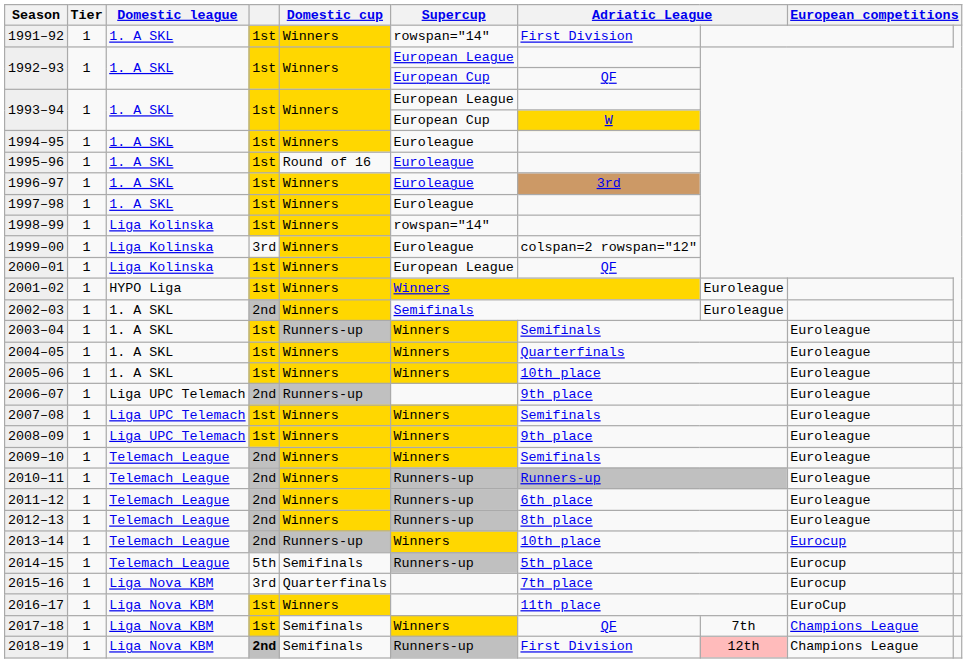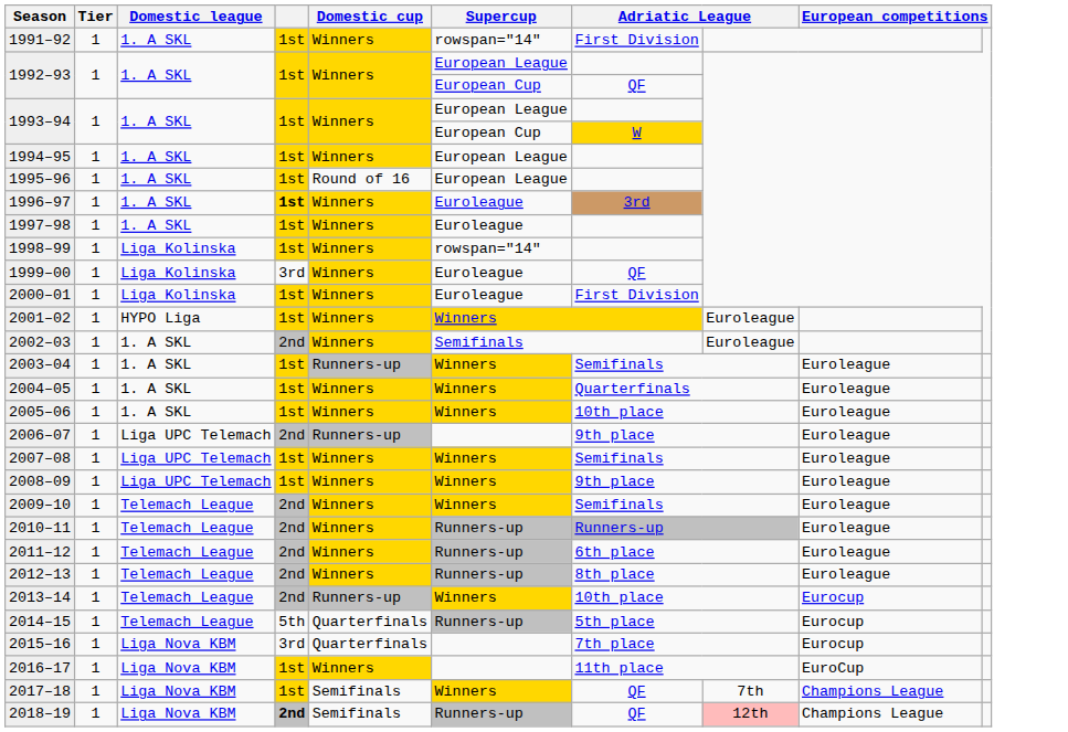 <table class="wikitable" style="font-size:85%">
 <tr>
 <th>Season</th>
 <th>Tier</th>
 <th><a href='#'>Domestic league</a></th>
 <th align=center></th>
 <th><a href='#'>Domestic cup</a></th>
 <th><a href='#'>Supercup</a></th>
 <th colspan=2><a href='#'>Adriatic League</a></th>
 <th colspan=2><a href='#'>European competitions</a></th>
 </tr>
 <tr>
 <td style="background:#EFEFEF;">1991–92</td>
 <td align=center>1</td>
 <td><a href='#'>1. A SKL</a></td>
 <td align=center style="background:gold">1st</td>
 <td style="background:gold">Winners</td>
 <td>rowspan="14" </td>
 <td><a href='#'>First Division</a></td>
 <td colspan="2"></td>
 </tr>
 <tr>
 <td rowspan=2 style="background:#EFEFEF;">1992–93</td>
 <td rowspan=2 align=center>1</td>
 <td rowspan=2><a href='#'>1. A SKL</a></td>
 <td rowspan=2 align=center style="background:gold">1st</td>
 <td rowspan=2 style="background:gold">Winners</td>
 <td> <a href='#'>European League</a></td>
 <td align=center></td>
 </tr>
 <tr>
 <td> <a href='#'>European Cup</a></td>
 <td align=center><a href='#'>QF</a></td>
 </tr>
 <tr>
 <td rowspan=2 style="background:#EFEFEF;">1993–94</td>
 <td rowspan=2 align=center>1</td>
 <td rowspan=2><a href='#'>1. A SKL</a></td>
 <td rowspan=2 align=center style="background:gold">1st</td>
 <td rowspan=2 style="background:gold">Winners</td>
 <td> European League</td>
 <td align=center></td>
 </tr>
 <tr>
 <td> European Cup</td>
 <td align=center bgcolor=gold><a href='#'>W</a></td>
 </tr>
 <tr>
 <td style="background:#EFEFEF;">1994–95</td>
 <td align=center>1</td>
 <td><a href='#'>1. A SKL</a></td>
 <td align=center style="background:gold">1st</td>
 <td style="background:gold">Winners</td>
-<td> Euroleague</td>
+<td> European League</td>
 <td align=center></td>
 </tr>
 <tr>
 <td style="background:#EFEFEF;">1995–96</td>
 <td align=center>1</td>
 <td><a href='#'>1. A SKL</a></td>
 <td align=center style="background:gold">1st</td>
 <td>Round of 16</td>
-<td> <a href='#'>Euroleague</a></td>
+<td> European League</td>
 <td align=center></td>
 </tr>
 <tr>
 <td style="background:#EFEFEF;">1996–97</td>
 <td align=center>1</td>
 <td><a href='#'>1. A SKL</a></td>
-<td align=center style="background:gold">1st</td>
+<td align=center style="background:gold"><strong>1st</strong></td>
 <td style="background:gold">Winners</td>
 <td> <a href='#'>Euroleague</a></td>
 <td align=center bgcolor=#cc9966><a href='#'>3rd</a></td>
 </tr>
 <tr>
 <td style="background:#EFEFEF;">1997–98</td>
 <td align=center>1</td>
 <td><a href='#'>1. A SKL</a></td>
 <td align=center style="background:gold">1st</td>
 <td style="background:gold">Winners</td>
 <td> Euroleague</td>
 <td align=center></td>
 </tr>
 <tr>
 <td style="background:#EFEFEF;">1998–99</td>
 <td align=center>1</td>
 <td><a href='#'>Liga Kolinska</a></td>
 <td align=center style="background:gold">1st</td>
 <td style="background:gold">Winners</td>
 <td>rowspan="14" </td>
 <td align=center></td>
 </tr>
 <tr>
 <td style="background:#EFEFEF;">1999–00</td>
 <td align=center>1</td>
 <td><a href='#'>Liga Kolinska</a></td>
 <td align=center>3rd</td>
 <td style="background:gold">Winners</td>
 <td> Euroleague</td>
-<td>colspan=2 rowspan="12" </td>
+<td align=center><a href='#'>QF</a></td>
 </tr>
 <tr>
 <td style="background:#EFEFEF;">2000–01</td>
 <td align=center>1</td>
 <td><a href='#'>Liga Kolinska</a></td>
 <td align=center style="background:gold">1st</td>
 <td style="background:gold">Winners</td>
-<td> European League</td>
-<td align=center><a href='#'>QF</a></td>
+<td> Euroleague</td>
+<td><a href='#'>First Division</a></td>
 </tr>
 <tr>
 <td style="background:#EFEFEF;">2001–02</td>
 <td align=center>1</td>
 <td>HYPO Liga</td>
 <td align=center style="background:gold">1st</td>
 <td style="background:gold">Winners</td>
 <td colspan=2 style="background:gold"><a href='#'>Winners</a></td>
 <td> Euroleague</td>
 <td align=center></td>
 </tr>
 <tr>
 <td style="background:#EFEFEF;">2002–03</td>
 <td align=center>1</td>
 <td>1. A SKL</td>
 <td align=center style="background:silver">2nd</td>
 <td style="background:gold">Winners</td>
 <td colspan=2><a href='#'>Semifinals</a></td>
 <td> Euroleague</td>
 <td align=center></td>
 </tr>
 <tr>
 <td style="background:#EFEFEF;">2003–04</td>
 <td align=center>1</td>
 <td>1. A SKL</td>
 <td align=center style="background:gold">1st</td>
 <td style="background:silver">Runners-up</td>
 <td style="background:gold">Winners</td>
 <td colspan=2><a href='#'>Semifinals</a></td>
 <td> Euroleague</td>
 <td align=center></td>
 </tr>
 <tr>
 <td style="background:#EFEFEF;">2004–05</td>
 <td align=center>1</td>
 <td>1. A SKL</td>
 <td align=center style="background:gold">1st</td>
 <td style="background:gold">Winners</td>
 <td style="background:gold">Winners</td>
 <td colspan=2><a href='#'>Quarterfinals</a></td>
 <td> Euroleague</td>
 <td align=center></td>
 </tr>
 <tr>
 <td style="background:#EFEFEF;">2005–06</td>
 <td align=center>1</td>
 <td>1. A SKL</td>
 <td align=center style="background:gold">1st</td>
 <td style="background:gold">Winners</td>
 <td style="background:gold">Winners</td>
 <td colspan=2><a href='#'>10th place</a></td>
 <td> Euroleague</td>
 <td align=center></td>
 </tr>
 <tr>
 <td style="background:#EFEFEF;">2006–07</td>
 <td align=center>1</td>
 <td>Liga UPC Telemach</td>
 <td align=center style="background:silver">2nd</td>
 <td style="background:silver">Runners-up</td>
 <td></td>
 <td colspan=2><a href='#'>9th place</a></td>
 <td> Euroleague</td>
 <td align=center></td>
 </tr>
 <tr>
 <td style="background:#EFEFEF;">2007–08</td>
 <td align=center>1</td>
 <td><a href='#'>Liga UPC Telemach</a></td>
 <td align=center style="background:gold">1st</td>
 <td style="background:gold">Winners</td>
 <td style="background:gold">Winners</td>
 <td colspan=2><a href='#'>Semifinals</a></td>
 <td> Euroleague</td>
 <td align=center></td>
 </tr>
 <tr>
 <td style="background:#EFEFEF;">2008–09</td>
 <td align=center>1</td>
 <td><a href='#'>Liga UPC Telemach</a></td>
 <td align=center style="background:gold">1st</td>
 <td style="background:gold">Winners</td>
 <td style="background:gold">Winners</td>
 <td colspan=2><a href='#'>9th place</a></td>
 <td> Euroleague</td>
 <td align=center></td>
 </tr>
 <tr>
 <td style="background:#EFEFEF;">2009–10</td>
 <td align=center>1</td>
 <td><a href='#'>Telemach League</a></td>
 <td align=center style="background:silver">2nd</td>
 <td style="background:gold">Winners</td>
 <td style="background:gold">Winners</td>
 <td colspan=2><a href='#'>Semifinals</a></td>
 <td> Euroleague</td>
 <td align=center></td>
 </tr>
 <tr>
 <td style="background:#EFEFEF;">2010–11</td>
 <td align=center>1</td>
 <td><a href='#'>Telemach League</a></td>
 <td align=center style="background:silver">2nd</td>
 <td style="background:gold">Winners</td>
 <td style="background:silver">Runners-up</td>
 <td colspan=2 style="background:silver"><a href='#'>Runners-up</a></td>
 <td> Euroleague</td>
 <td align=center></td>
 </tr>
 <tr>
 <td style="background:#EFEFEF;">2011–12</td>
 <td align=center>1</td>
 <td><a href='#'>Telemach League</a></td>
 <td align=center style="background:silver">2nd</td>
 <td style="background:gold">Winners</td>
 <td style="background:silver">Runners-up</td>
 <td colspan=2><a href='#'>6th place</a></td>
 <td> Euroleague</td>
 <td align=center></td>
 </tr>
 <tr>
 <td style="background:#EFEFEF;">2012–13</td>
 <td align=center>1</td>
 <td><a href='#'>Telemach League</a></td>
 <td align=center style="background:silver">2nd</td>
 <td style="background:gold">Winners</td>
 <td style="background:silver">Runners-up</td>
 <td colspan=2><a href='#'>8th place</a></td>
 <td> Euroleague</td>
 <td align=center></td>
 </tr>
 <tr>
 <td style="background:#EFEFEF;">2013–14</td>
 <td align=center>1</td>
 <td><a href='#'>Telemach League</a></td>
 <td align=center style="background:silver">2nd</td>
 <td style="background:silver">Runners-up</td>
 <td style="background:gold;">Winners</td>
 <td colspan=2><a href='#'>10th place</a></td>
 <td> <a href='#'>Eurocup</a></td>
 <td align=center></td>
 </tr>
 <tr>
 <td style="background:#EFEFEF;">2014–15</td>
 <td align=center>1</td>
 <td><a href='#'>Telemach League</a></td>
 <td align=center>5th</td>
-<td>Semifinals</td>
+<td>Quarterfinals</td>
 <td style="background:silver">Runners-up</td>
 <td colspan=2><a href='#'>5th place</a></td>
 <td> Eurocup</td>
 <td align=center></td>
 </tr>
 <tr>
 <td style="background:#EFEFEF;">2015–16</td>
 <td align=center>1</td>
 <td><a href='#'>Liga Nova KBM</a></td>
 <td align=center>3rd</td>
 <td>Quarterfinals</td>
 <td></td>
 <td colspan=2><a href='#'>7th place</a></td>
 <td> Eurocup</td>
 <td align=center></td>
 </tr>
 <tr>
 <td style="background:#EFEFEF;">2016–17</td>
 <td align=center>1</td>
 <td><a href='#'>Liga Nova KBM</a></td>
 <td align=center style="background:gold">1st</td>
 <td style="background:gold">Winners</td>
 <td></td>
 <td colspan=2><a href='#'>11th place</a></td>
 <td> EuroCup</td>
 <td align=center></td>
 </tr>
 <tr>
 <td style="background:#EFEFEF;">2017–18</td>
 <td align=center>1</td>
 <td><a href='#'>Liga Nova KBM</a></td>
 <td align=center style="background:gold">1st</td>
 <td>Semifinals</td>
 <td style="background:gold">Winners</td>
 <td align=center><a href='#'>QF</a></td>
 <td align=center>7th</td>
 <td> <a href='#'>Champions League</a></td>
 <td align=center></td>
 </tr>
 <tr>
 <td style="background:#EFEFEF;">2018–19</td>
 <td align=center>1</td>
 <td><a href='#'>Liga Nova KBM</a></td>
 <td align=center bgcolor=silver><strong>2nd</strong></td>
 <td>Semifinals</td>
 <td style="background:silver">Runners-up</td>
-<td><a href='#'>First Division</a></td>
+<td align=center><a href='#'>QF</a></td>
 <td align=center bgcolor="#FFBBBB">12th</td>
 <td> Champions League</td>
 <td align=center></td>
 </tr>
 </table>
